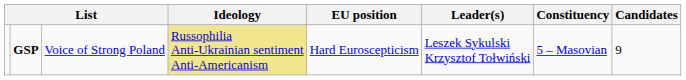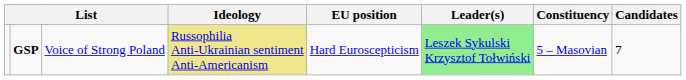 <table class="wikitable mw-collapsible">
 <tr>
 <th colspan="3">List</th>
 <th>Ideology</th>
 <th>EU position</th>
 <th>Leader(s)</th>
 <th>Constituency</th>
 <th>Candidates</th>
 </tr>
 <tr>
 <td style="background:"></td>
 <td style="text-align:center;"><strong>GSP</strong></td>
 <td><a href='#'>Voice of Strong Poland</a><br></td>
 <td style="background: khaki;"><a href='#'>Russophilia</a><br><a href='#'>Anti-Ukrainian sentiment</a><br><a href='#'>Anti-Americanism</a></td>
 <td><a href='#'>Hard Euroscepticism</a></td>
-<td><a href='#'>Leszek Sykulski</a><br><a href='#'>Krzysztof Tołwiński</a></td>
+<td style="background: lightgreen;"><a href='#'>Leszek Sykulski</a><br><a href='#'>Krzysztof Tołwiński</a></td>
 <td><a href='#'>5 – Masovian</a></td>
-<td>9</td>
+<td>7</td>
 </tr>
 </table>
